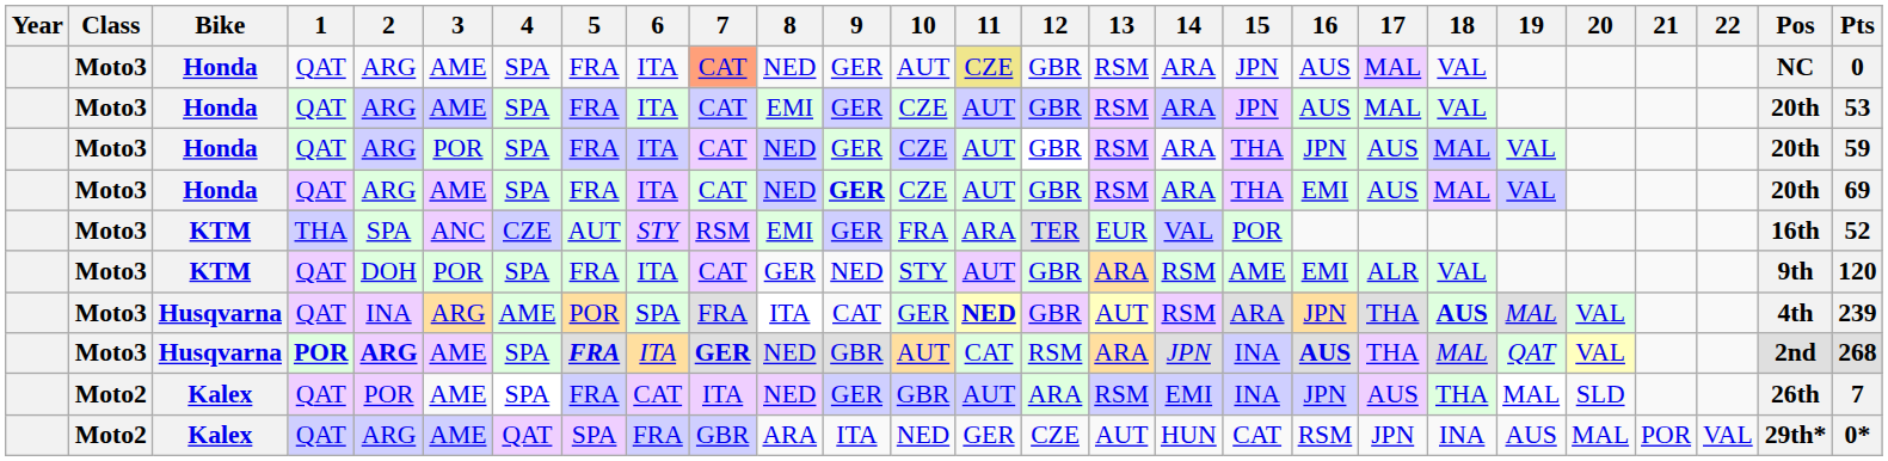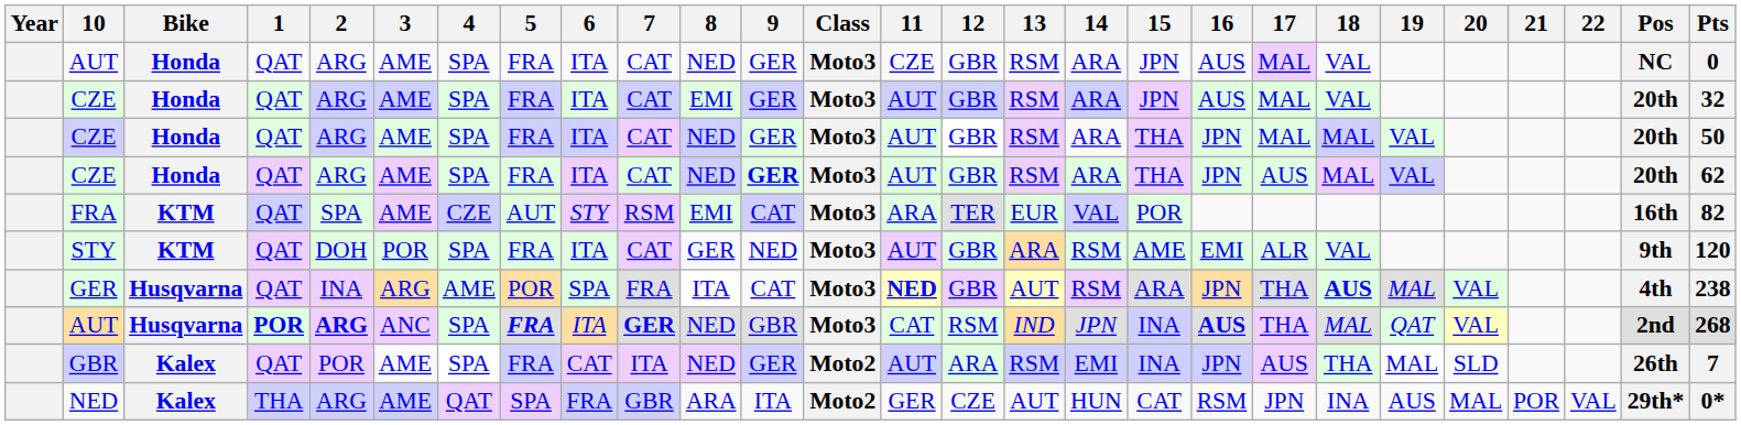 <table class="wikitable" style="text-align:center;">
 <tr>
 <th>Year</th>
-<th>Class</th>
+<th>10</th>
 <th>Bike</th>
 <th>1</th>
 <th>2</th>
 <th>3</th>
 <th>4</th>
 <th>5</th>
 <th>6</th>
 <th>7</th>
 <th>8</th>
 <th>9</th>
-<th>10</th>
+<th>Class</th>
 <th>11</th>
 <th>12</th>
 <th>13</th>
 <th>14</th>
 <th>15</th>
 <th>16</th>
 <th>17</th>
 <th>18</th>
 <th>19</th>
 <th>20</th>
 <th>21</th>
 <th>22</th>
 <th>Pos</th>
 <th>Pts</th>
 </tr>
 <tr>
 <th></th>
-<th>Moto3</th>
+<td><a href='#'>AUT</a></td>
 <th><a href='#'>Honda</a></th>
 <td><a href='#'>QAT</a></td>
 <td><a href='#'>ARG</a></td>
 <td><a href='#'>AME</a></td>
 <td><a href='#'>SPA</a></td>
 <td><a href='#'>FRA</a></td>
 <td><a href='#'>ITA</a></td>
-<td style="background: lightsalmon;"><a href='#'>CAT</a></td>
+<td><a href='#'>CAT</a></td>
 <td><a href='#'>NED</a></td>
 <td><a href='#'>GER</a></td>
-<td><a href='#'>AUT</a></td>
-<td style="background: khaki;"><a href='#'>CZE</a></td>
+<th>Moto3</th>
+<td><a href='#'>CZE</a></td>
 <td><a href='#'>GBR</a></td>
 <td><a href='#'>RSM</a></td>
 <td><a href='#'>ARA</a></td>
 <td><a href='#'>JPN</a></td>
 <td><a href='#'>AUS</a></td>
 <td style="background:#EFCFFF;"><a href='#'>MAL</a><br></td>
 <td><a href='#'>VAL</a></td>
 <td></td>
 <td></td>
 <td></td>
 <td></td>
 <th>NC</th>
 <th>0</th>
 </tr>
 <tr>
 <th></th>
-<th>Moto3</th>
+<td style="background:#dfffdf;"><a href='#'>CZE</a><br></td>
 <th><a href='#'>Honda</a></th>
 <td style="background:#dfffdf;"><a href='#'>QAT</a><br></td>
 <td style="background:#cfcfff;"><a href='#'>ARG</a><br></td>
 <td style="background:#cfcfff;"><a href='#'>AME</a><br></td>
 <td style="background:#dfffdf;"><a href='#'>SPA</a><br></td>
 <td style="background:#cfcfff;"><a href='#'>FRA</a><br></td>
 <td style="background:#dfffdf;"><a href='#'>ITA</a><br></td>
 <td style="background:#cfcfff;"><a href='#'>CAT</a><br></td>
 <td style="background:#dfffdf;"><a href='#'>EMI</a><br></td>
 <td style="background:#cfcfff;"><a href='#'>GER</a><br></td>
-<td style="background:#dfffdf;"><a href='#'>CZE</a><br></td>
+<th>Moto3</th>
 <td style="background:#cfcfff;"><a href='#'>AUT</a><br></td>
 <td style="background:#cfcfff;"><a href='#'>GBR</a><br></td>
 <td style="background:#efcfff;"><a href='#'>RSM</a><br></td>
 <td style="background:#cfcfff;"><a href='#'>ARA</a><br></td>
 <td style="background:#efcfff;"><a href='#'>JPN</a><br></td>
 <td style="background:#dfffdf;"><a href='#'>AUS</a><br></td>
 <td style="background:#dfffdf;"><a href='#'>MAL</a><br></td>
 <td style="background:#dfffdf;"><a href='#'>VAL</a><br></td>
 <td></td>
 <td></td>
 <td></td>
 <td></td>
 <th>20th</th>
-<th>53</th>
+<th>32</th>
 </tr>
 <tr>
 <th></th>
-<th>Moto3</th>
+<td style="background:#CFCFFF;"><a href='#'>CZE</a><br></td>
 <th><a href='#'>Honda</a></th>
 <td style="background:#dfffdf;"><a href='#'>QAT</a><br></td>
 <td style="background:#cfcfff;"><a href='#'>ARG</a><br></td>
-<td style="background:#dfffdf;"><a href='#'>POR</a><br></td>
+<td style="background:#dfffdf;"><a href='#'>AME</a><br></td>
 <td style="background:#dfffdf;"><a href='#'>SPA</a><br></td>
 <td style="background:#cfcfff;"><a href='#'>FRA</a><br></td>
 <td style="background:#cfcfff;"><a href='#'>ITA</a><br></td>
 <td style="background:#efcfff;"><a href='#'>CAT</a><br></td>
 <td style="background:#CFCFFF;"><a href='#'>NED</a><br></td>
 <td style="background:#dfffdf;"><a href='#'>GER</a><br></td>
-<td style="background:#CFCFFF;"><a href='#'>CZE</a><br></td>
+<th>Moto3</th>
 <td style="background:#dfffdf;"><a href='#'>AUT</a><br></td>
 <td style="background:#ffffff;"><a href='#'>GBR</a><br></td>
 <td style="background:#efcfff;"><a href='#'>RSM</a><br></td>
 <td><a href='#'>ARA</a></td>
 <td style="background:#efcfff;"><a href='#'>THA</a><br></td>
 <td style="background:#dfffdf;"><a href='#'>JPN</a><br></td>
-<td style="background:#dfffdf;"><a href='#'>AUS</a><br></td>
+<td style="background:#dfffdf;"><a href='#'>MAL</a><br></td>
 <td style="background:#cfcfff;"><a href='#'>MAL</a><br></td>
 <td style="background:#dfffdf;"><a href='#'>VAL</a><br></td>
 <td></td>
 <td></td>
 <td></td>
 <th>20th</th>
-<th>59</th>
+<th>50</th>
 </tr>
 <tr>
 <th></th>
-<th>Moto3</th>
+<td style="background:#dfffdf;"><a href='#'>CZE</a><br></td>
 <th><a href='#'>Honda</a></th>
 <td style="background:#efcfff;"><a href='#'>QAT</a><br></td>
 <td style="background:#dfffdf;"><a href='#'>ARG</a><br></td>
 <td style="background:#efcfff;"><a href='#'>AME</a><br></td>
 <td style="background:#dfffdf;"><a href='#'>SPA</a><br></td>
 <td style="background:#dfffdf;"><a href='#'>FRA</a><br></td>
 <td style="background:#efcfff;"><a href='#'>ITA</a><br></td>
 <td style="background:#dfffdf;"><a href='#'>CAT</a><br></td>
 <td style="background:#cfcfff;"><a href='#'>NED</a><br></td>
 <td style="background:#dfffdf;"><strong><a href='#'>GER</a></strong><br></td>
-<td style="background:#dfffdf;"><a href='#'>CZE</a><br></td>
+<th>Moto3</th>
 <td style="background:#dfffdf;"><a href='#'>AUT</a><br></td>
 <td style="background:#dfffdf;"><a href='#'>GBR</a><br></td>
 <td style="background:#efcfff;"><a href='#'>RSM</a><br></td>
 <td style="background:#dfffdf;"><a href='#'>ARA</a><br></td>
 <td style="background:#efcfff;"><a href='#'>THA</a><br></td>
-<td style="background:#dfffdf;"><a href='#'>EMI</a><br></td>
+<td style="background:#dfffdf;"><a href='#'>JPN</a><br></td>
 <td style="background:#dfffdf;"><a href='#'>AUS</a><br></td>
 <td style="background:#efcfff;"><a href='#'>MAL</a><br></td>
 <td style="background:#cfcfff;"><a href='#'>VAL</a><br></td>
 <td></td>
 <td></td>
 <td></td>
 <th>20th</th>
-<th>69</th>
+<th>62</th>
 </tr>
 <tr>
 <th></th>
-<th>Moto3</th>
+<td style="background:#dfffdf;"><a href='#'>FRA</a><br></td>
 <th><a href='#'>KTM</a></th>
-<td style="background:#CFCFFF;"><a href='#'>THA</a><br></td>
+<td style="background:#cfcfff;"><a href='#'>QAT</a><br></td>
 <td style="background:#dfffdf;"><a href='#'>SPA</a><br></td>
-<td style="background:#efcfff;"><a href='#'>ANC</a><br></td>
+<td style="background:#efcfff;"><a href='#'>AME</a><br></td>
 <td style="background:#cfcfff;"><a href='#'>CZE</a><br></td>
 <td style="background:#dfffdf;"><a href='#'>AUT</a><br></td>
 <td style="background:#efcfff;"><em><a href='#'>STY</a></em><br></td>
 <td style="background:#efcfff;"><a href='#'>RSM</a><br></td>
 <td style="background:#dfffdf;"><a href='#'>EMI</a><br></td>
-<td style="background:#cfcfff;"><a href='#'>GER</a><br></td>
-<td style="background:#dfffdf;"><a href='#'>FRA</a><br></td>
+<td style="background:#cfcfff;"><a href='#'>CAT</a><br></td>
+<th>Moto3</th>
 <td style="background:#dfffdf;"><a href='#'>ARA</a><br></td>
 <td style="background:#dfdfdf;"><a href='#'>TER</a><br></td>
 <td style="background:#dfffdf;"><a href='#'>EUR</a><br></td>
 <td style="background:#cfcfff;"><a href='#'>VAL</a><br></td>
 <td style="background:#dfffdf;"><a href='#'>POR</a><br></td>
 <td></td>
 <td></td>
 <td></td>
 <td></td>
 <td></td>
 <td></td>
 <td></td>
 <th>16th</th>
-<th>52</th>
+<th>82</th>
 </tr>
 <tr>
 <th></th>
-<th>Moto3</th>
+<td style="background:#dfffdf;"><a href='#'>STY</a><br></td>
 <th><a href='#'>KTM</a></th>
 <td style="background:#efcfff;"><a href='#'>QAT</a><br></td>
 <td style="background:#dfffdf;"><a href='#'>DOH</a><br></td>
 <td style="background:#dfffdf;"><a href='#'>POR</a><br></td>
 <td style="background:#dfffdf;"><a href='#'>SPA</a><br></td>
 <td style="background:#dfffdf;"><a href='#'>FRA</a><br></td>
 <td style="background:#dfffdf;"><a href='#'>ITA</a><br></td>
 <td style="background:#efcfff;"><a href='#'>CAT</a><br></td>
 <td><a href='#'>GER</a></td>
 <td><a href='#'>NED</a></td>
-<td style="background:#dfffdf;"><a href='#'>STY</a><br></td>
+<th>Moto3</th>
 <td style="background:#efcfff;"><a href='#'>AUT</a><br></td>
 <td style="background:#dfffdf;"><a href='#'>GBR</a><br></td>
 <td style="background:#ffdf9f;"><a href='#'>ARA</a><br></td>
 <td style="background:#dfffdf;"><a href='#'>RSM</a><br></td>
 <td style="background:#dfffdf;"><a href='#'>AME</a><br></td>
 <td style="background:#dfffdf;"><a href='#'>EMI</a><br></td>
 <td style="background:#dfffdf;"><a href='#'>ALR</a><br></td>
 <td style="background:#dfffdf;"><a href='#'>VAL</a><br></td>
 <td></td>
 <td></td>
 <td></td>
 <td></td>
 <th>9th</th>
 <th>120</th>
 </tr>
 <tr>
 <th></th>
-<th>Moto3</th>
+<td style="background:#dfffdf;"><a href='#'>GER</a><br></td>
 <th><a href='#'>Husqvarna</a></th>
 <td style="background:#efcfff;"><a href='#'>QAT</a><br></td>
 <td style="background:#efcfff;"><a href='#'>INA</a><br></td>
 <td style="background:#ffdf9f;"><a href='#'>ARG</a><br></td>
 <td style="background:#dfffdf;"><a href='#'>AME</a><br></td>
 <td style="background:#ffdf9f;"><a href='#'>POR</a><br></td>
 <td style="background:#dfffdf;"><a href='#'>SPA</a><br></td>
 <td style="background:#dfdfdf;"><a href='#'>FRA</a><br></td>
 <td style="background:#ffffff;"><a href='#'>ITA</a><br></td>
 <td><a href='#'>CAT</a></td>
-<td style="background:#dfffdf;"><a href='#'>GER</a><br></td>
+<th>Moto3</th>
 <td style="background:#ffffbf;"><strong><a href='#'>NED</a></strong><br></td>
 <td style="background:#efcfff;"><a href='#'>GBR</a><br></td>
 <td style="background:#ffffbf;"><a href='#'>AUT</a><br></td>
 <td style="background:#efcfff;"><a href='#'>RSM</a><br></td>
 <td style="background:#dfdfdf;"><a href='#'>ARA</a><br></td>
 <td style="background:#ffdf9f;"><a href='#'>JPN</a><br></td>
 <td style="background:#dfdfdf;"><a href='#'>THA</a><br></td>
 <td style="background:#dfffdf;"><strong><a href='#'>AUS</a></strong><br></td>
 <td style="background:#dfdfdf;"><em><a href='#'>MAL</a></em><br></td>
 <td style="background:#dfffdf;"><a href='#'>VAL</a><br></td>
 <td></td>
 <td></td>
 <th>4th</th>
-<th>239</th>
+<th>238</th>
 </tr>
 <tr>
 <th></th>
-<th>Moto3</th>
+<td style="background:#ffdf9f;"><a href='#'>AUT</a><br></td>
 <th><a href='#'>Husqvarna</a></th>
 <td style="background:#dfffdf;"><strong><a href='#'>POR</a></strong><br></td>
 <td style="background:#efcfff;"><strong><a href='#'>ARG</a></strong><br></td>
-<td style="background:#efcfff;"><a href='#'>AME</a><br></td>
+<td style="background:#efcfff;"><a href='#'>ANC</a><br></td>
 <td style="background:#dfffdf;"><a href='#'>SPA</a><br></td>
 <td style="background:#dfdfdf;"><strong><em><a href='#'>FRA</a></em></strong><br></td>
 <td style="background:#ffdf9f;"><em><a href='#'>ITA</a></em><br></td>
 <td style="background:#dfdfdf;"><strong><a href='#'>GER</a></strong><br></td>
 <td style="background:#dfdfdf;"><a href='#'>NED</a><br></td>
 <td style="background:#dfdfdf;"><a href='#'>GBR</a><br></td>
-<td style="background:#ffdf9f;"><a href='#'>AUT</a><br></td>
+<th>Moto3</th>
 <td style="background:#dfffdf;"><a href='#'>CAT</a><br></td>
 <td style="background:#dfffdf;"><a href='#'>RSM</a><br></td>
-<td style="background:#ffdf9f;"><a href='#'>ARA</a><br></td>
+<td style="background:#ffdf9f;"><em><a href='#'>IND</a></em><br></td>
 <td style="background:#dfdfdf;"><em><a href='#'>JPN</a></em><br></td>
 <td style="background:#cfcfff;"><a href='#'>INA</a><br></td>
 <td style="background:#dfdfdf;"><strong><a href='#'>AUS</a></strong><br></td>
 <td style="background:#efcfff;"><a href='#'>THA</a><br></td>
 <td style="background:#dfdfdf;"><em><a href='#'>MAL</a></em><br></td>
 <td style="background:#dfffdf;"><em><a href='#'>QAT</a></em><br></td>
 <td style="background:#ffffbf;"><a href='#'>VAL</a><br></td>
 <td></td>
 <td></td>
 <th style="background:#dfdfdf;">2nd</th>
 <th style="background:#dfdfdf;">268</th>
 </tr>
 <tr>
 <th></th>
-<th>Moto2</th>
+<td style="background:#cfcfff;"><a href='#'>GBR</a><br></td>
 <th><a href='#'>Kalex</a></th>
 <td style="background:#efcfff;"><a href='#'>QAT</a><br></td>
 <td style="background:#efcfff;"><a href='#'>POR</a><br></td>
 <td><a href='#'>AME</a></td>
 <td style="background:#ffffff;"><a href='#'>SPA</a><br></td>
 <td style="background:#cfcfff;"><a href='#'>FRA</a><br></td>
 <td style="background:#efcfff;"><a href='#'>CAT</a><br></td>
 <td style="background:#efcfff;"><a href='#'>ITA</a><br></td>
 <td style="background:#efcfff;"><a href='#'>NED</a><br></td>
 <td style="background:#cfcfff;"><a href='#'>GER</a><br></td>
-<td style="background:#cfcfff;"><a href='#'>GBR</a><br></td>
+<th>Moto2</th>
 <td style="background:#cfcfff;"><a href='#'>AUT</a><br></td>
 <td style="background:#dfffdf;"><a href='#'>ARA</a><br></td>
 <td style="background:#cfcfff;"><a href='#'>RSM</a><br></td>
 <td style="background:#cfcfff;"><a href='#'>EMI</a><br></td>
 <td style="background:#cfcfff;"><a href='#'>INA</a><br></td>
 <td style="background:#cfcfff;"><a href='#'>JPN</a><br></td>
 <td style="background:#efcfff;"><a href='#'>AUS</a><br></td>
 <td style="background:#dfffdf;"><a href='#'>THA</a><br></td>
 <td style="background:#FFFFFF;"><a href='#'>MAL</a><br></td>
 <td><a href='#'>SLD</a></td>
 <td></td>
 <td></td>
 <th>26th</th>
 <th>7</th>
 </tr>
 <tr>
 <th></th>
-<th>Moto2</th>
+<td style="background:#;"><a href='#'>NED</a><br></td>
 <th><a href='#'>Kalex</a></th>
-<td style="background:#cfcfff;"><a href='#'>QAT</a><br></td>
+<td style="background:#CFCFFF;"><a href='#'>THA</a><br></td>
 <td style="background:#CFCFFF;"><a href='#'>ARG</a><br></td>
 <td style="background:#CFCFFF;"><a href='#'>AME</a><br></td>
 <td style="background:#EFCFFF;"><a href='#'>QAT</a><br></td>
 <td style="background:#EFCFFF;"><a href='#'>SPA</a><br></td>
 <td style="background:#CFCFFF;"><a href='#'>FRA</a><br></td>
 <td style="background:#CFCFFF;"><a href='#'>GBR</a><br></td>
 <td style="background:#;"><a href='#'>ARA</a><br></td>
 <td style="background:#;"><a href='#'>ITA</a><br></td>
-<td style="background:#;"><a href='#'>NED</a><br></td>
+<th>Moto2</th>
 <td style="background:#;"><a href='#'>GER</a><br></td>
 <td style="background:#;"><a href='#'>CZE</a><br></td>
 <td style="background:#;"><a href='#'>AUT</a><br></td>
 <td style="background:#;"><a href='#'>HUN</a><br></td>
 <td style="background:#;"><a href='#'>CAT</a><br></td>
 <td style="background:#;"><a href='#'>RSM</a><br></td>
 <td style="background:#;"><a href='#'>JPN</a><br></td>
 <td style="background:#;"><a href='#'>INA</a><br></td>
 <td style="background:#;"><a href='#'>AUS</a><br></td>
 <td style="background:#;"><a href='#'>MAL</a><br></td>
 <td style="background:#;"><a href='#'>POR</a><br></td>
 <td style="background:#;"><a href='#'>VAL</a><br></td>
 <th>29th*</th>
 <th>0*</th>
 </tr>
 </table>
